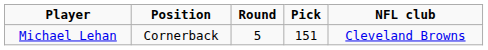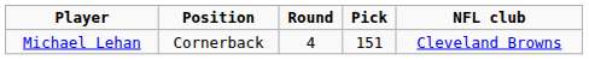 <table class="wikitable" width="80%">
 <tr align="center">
 <td><strong>Player</strong></td>
 <td><strong>Position</strong></td>
 <td><strong>Round</strong></td>
 <td><strong>Pick</strong></td>
 <td><strong>NFL club</strong></td>
 </tr>
 <tr align="center" bgcolor="">
 <td><a href='#'>Michael Lehan</a></td>
 <td>Cornerback</td>
-<td>5</td>
+<td>4</td>
 <td>151</td>
 <td><a href='#'>Cleveland Browns</a></td>
 </tr>
 </table>
